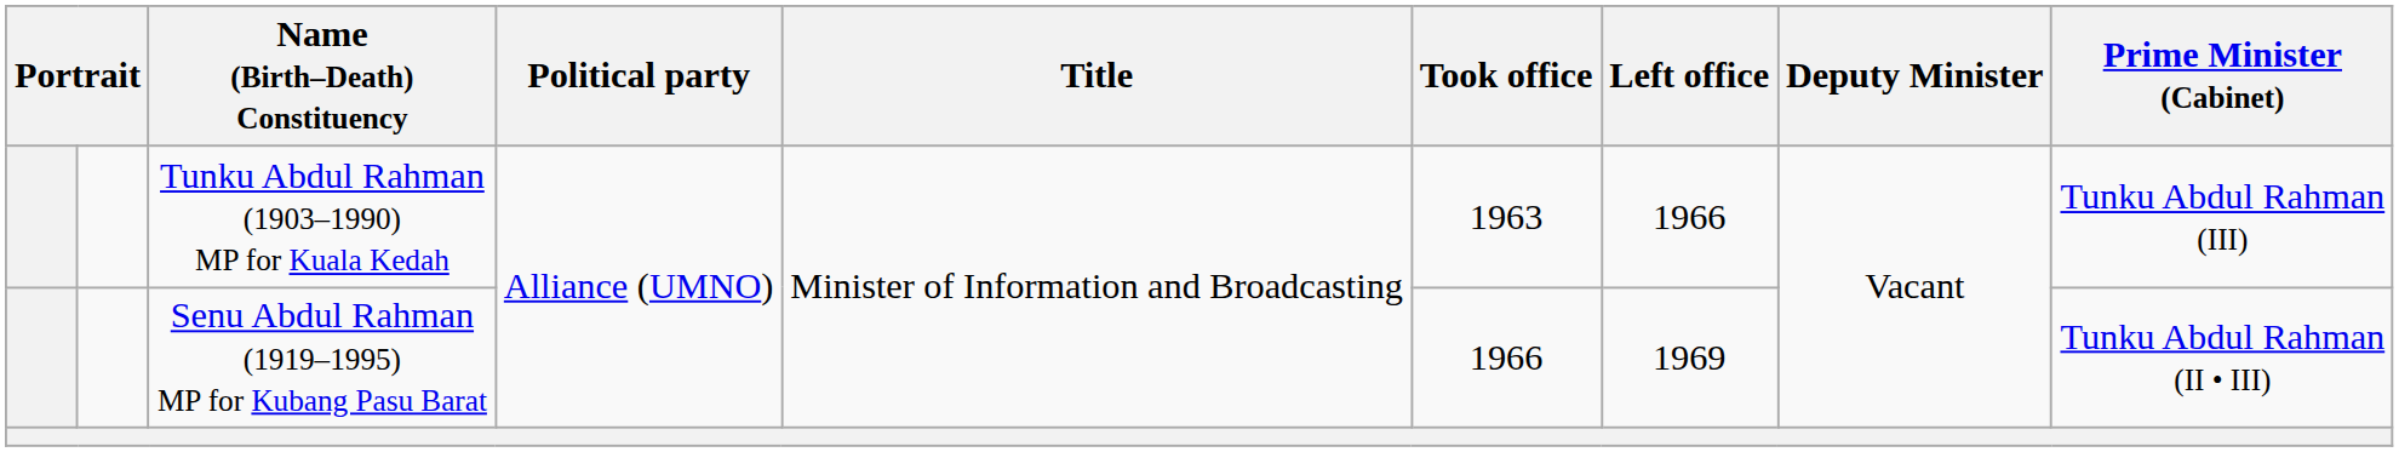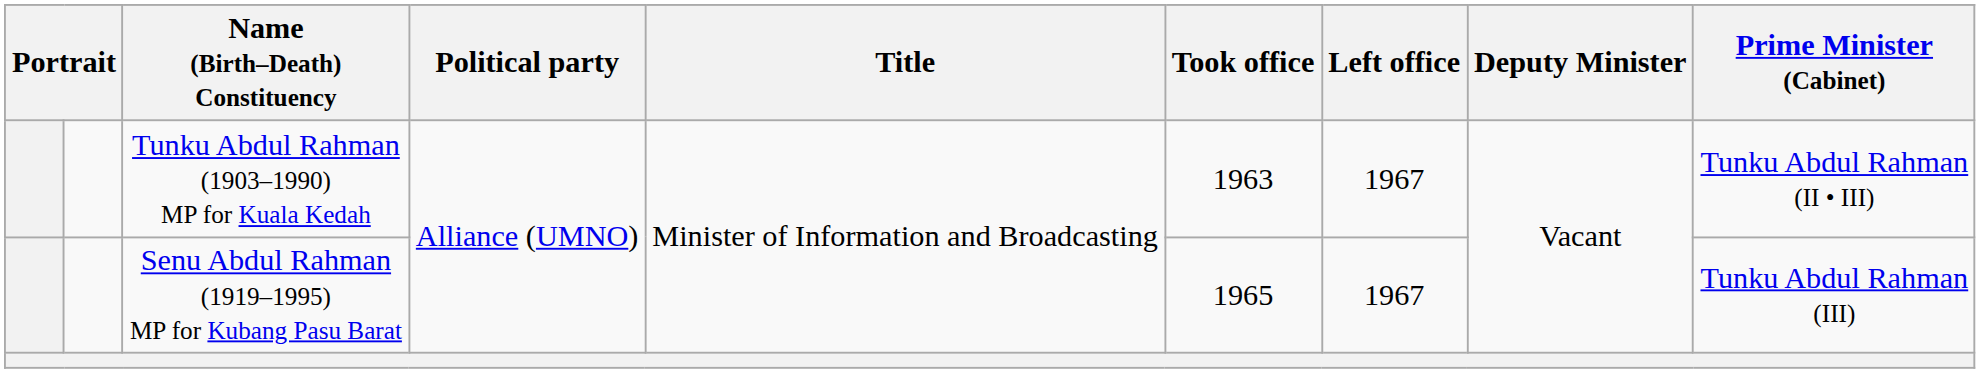 <table class="wikitable" style="text-align:center;">
 <tr>
 <th colspan=2>Portrait</th>
 <th>Name<br><small>(Birth–Death)<br>Constituency</small></th>
 <th>Political party</th>
 <th>Title</th>
 <th>Took office</th>
 <th>Left office</th>
 <th>Deputy Minister</th>
 <th><a href='#'>Prime Minister</a><br><small>(Cabinet)</small></th>
 </tr>
 <tr>
 <th style="background:"></th>
 <td></td>
 <td><a href='#'>Tunku Abdul Rahman</a><br><small>(1903–1990)<br>MP for <a href='#'>Kuala Kedah</a></small></td>
 <td rowspan=2><a href='#'>Alliance</a> (<a href='#'>UMNO</a>)</td>
 <td rowspan=2>Minister of Information and Broadcasting</td>
 <td>1963</td>
-<td>1966</td>
+<td>1967</td>
 <td rowspan="2">Vacant</td>
-<td><a href='#'>Tunku Abdul Rahman</a><br><small>(III)</small></td>
+<td><a href='#'>Tunku Abdul Rahman</a><br><small>(II • III)</small></td>
 </tr>
 <tr>
 <th style="background:"></th>
 <td></td>
 <td><a href='#'>Senu Abdul Rahman</a><br><small>(1919–1995)<br>MP for <a href='#'>Kubang Pasu Barat</a></small></td>
-<td>1966</td>
-<td>1969</td>
-<td><a href='#'>Tunku Abdul Rahman</a><br><small>(II • III)</small></td>
+<td>1965</td>
+<td>1967</td>
+<td><a href='#'>Tunku Abdul Rahman</a><br><small>(III)</small></td>
 </tr>
 <tr>
 <th colspan="9" bgcolor="cccccc"></th>
 </tr>
 </table>
